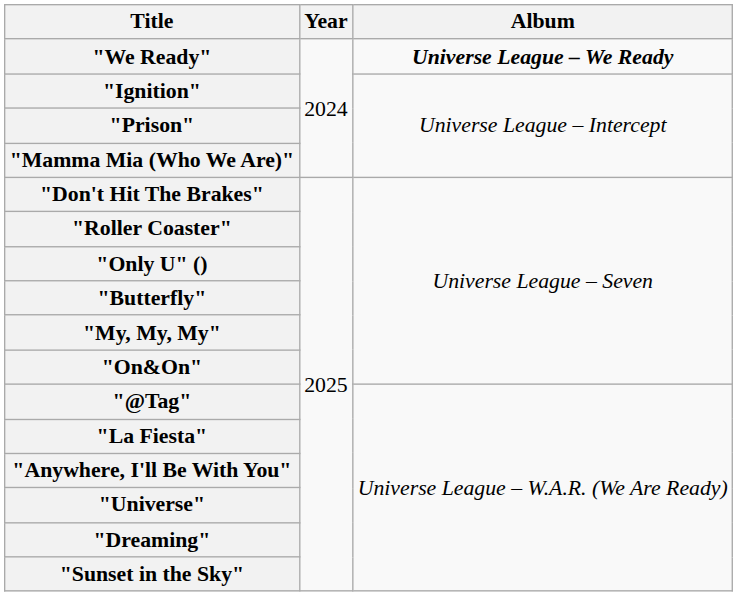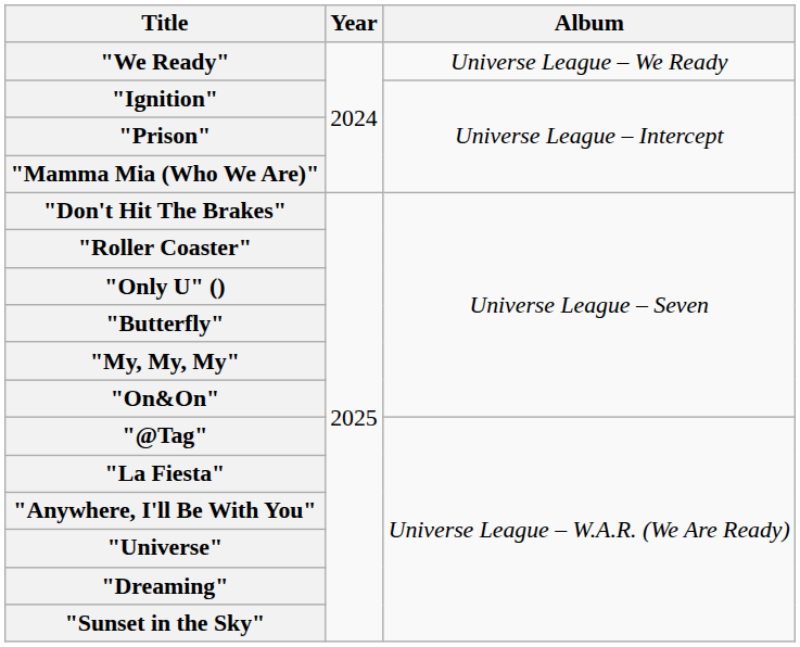 <table class="wikitable plainrowheaders" style="text-align:center">
 <tr>
 <th scope="col">Title</th>
 <th scope="col">Year</th>
 <th scope="col">Album</th>
 </tr>
 <tr>
 <th scope="row">"We Ready"</th>
 <td rowspan="4">2024</td>
-<td><strong><em>Universe League – We Ready</em></strong></td>
+<td><em>Universe League – We Ready</em></td>
 </tr>
 <tr>
 <th scope="row">"Ignition"</th>
 <td rowspan="3"><em>Universe League – Intercept</em></td>
 </tr>
 <tr>
 <th scope="row">"Prison"</th>
 </tr>
 <tr>
 <th scope="row">"Mamma Mia (Who We Are)"</th>
 </tr>
 <tr>
 <th scope="row">"Don't Hit The Brakes"</th>
 <td rowspan="12">2025</td>
 <td rowspan="6"><em>Universe League – Seven</em></td>
 </tr>
 <tr>
 <th scope="row">"Roller Coaster"</th>
 </tr>
 <tr>
 <th scope="row">"Only U" ()</th>
 </tr>
 <tr>
 <th scope="row">"Butterfly"</th>
 </tr>
 <tr>
 <th scope="row">"My, My, My"</th>
 </tr>
 <tr>
 <th scope="row">"On&On"</th>
 </tr>
 <tr>
 <th scope="row">"@Tag"</th>
 <td rowspan="6"><em>Universe League – W.A.R. (We Are Ready)</em></td>
 </tr>
 <tr>
 <th scope="row">"La Fiesta"</th>
 </tr>
 <tr>
 <th scope="row">"Anywhere, I'll Be With You"</th>
 </tr>
 <tr>
 <th scope="row">"Universe"</th>
 </tr>
 <tr>
 <th scope="row">"Dreaming"</th>
 </tr>
 <tr>
 <th scope="row">"Sunset in the Sky"</th>
 </tr>
 </table>
